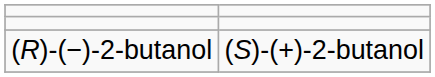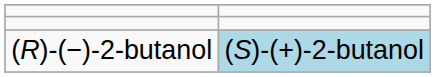 <table class="wikitable" style="margin:1em auto; text-align:center;">
 <tr>
 <td></td>
 <td></td>
 </tr>
 <tr>
 <td></td>
 <td></td>
 </tr>
 <tr>
 <td>(<em>R</em>)-(−)-2-butanol</td>
-<td>(<em>S</em>)-(+)-2-butanol</td>
+<td style="background: lightblue;">(<em>S</em>)-(+)-2-butanol</td>
 </tr>
 </table>
